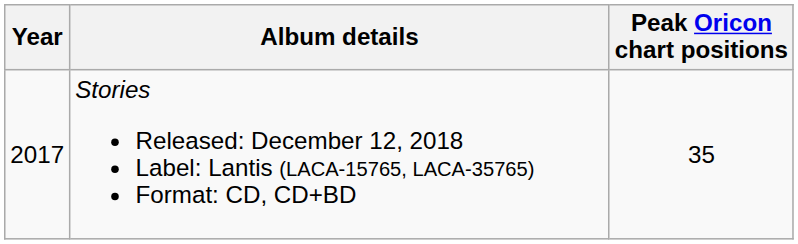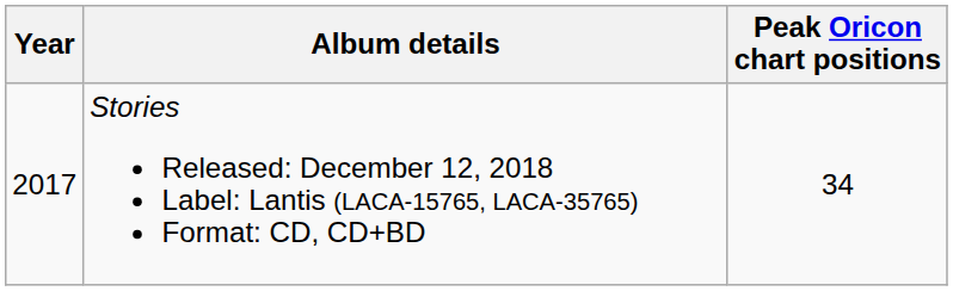 <table class="wikitable" border="1">
 <tr>
 <th rowspan="1">Year</th>
 <th rowspan="1" width="350">Album details</th>
 <th colspan="1">Peak <a href='#'>Oricon</a><br> chart positions</th>
 </tr>
 <tr>
 <td>2017</td>
 <td align="left"><em>Stories</em><br><ul><li>Released: December 12, 2018</li><li>Label: Lantis <small>(LACA-15765, LACA-35765)</small></li><li>Format: CD, CD+BD</li></ul></td>
-<td align="center">35</td>
+<td align="center">34</td>
 </tr>
 </table>
